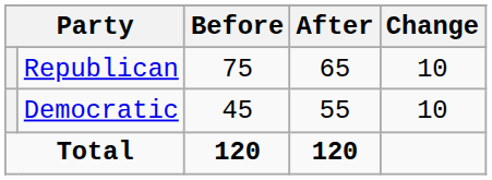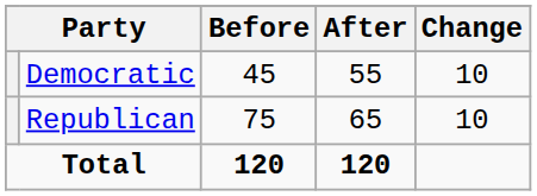 <table class="wikitable" style="text-align:center;">
 <tr>
 </tr>
 <tr>
 <th colspan=2>Party</th>
 <th>Before</th>
 <th>After</th>
 <th>Change</th>
 </tr>
 <tr>
 <th style="background-color:"></th>
-<td style="text-align:left;"><a href='#'>Republican</a></td>
-<td>75</td>
-<td>65</td>
+<td style="text-align:left;"><a href='#'>Democratic</a></td>
+<td>45</td>
+<td>55</td>
 <td> 10</td>
 </tr>
 <tr>
 <th style="background-color:"></th>
-<td style="text-align:left;"><a href='#'>Democratic</a></td>
-<td>45</td>
-<td>55</td>
+<td style="text-align:left;"><a href='#'>Republican</a></td>
+<td>75</td>
+<td>65</td>
 <td> 10</td>
 </tr>
 <tr>
 <td colspan=2><strong>Total</strong></td>
 <td><strong>120</strong></td>
 <td><strong>120</strong></td>
 <td></td>
 </tr>
 </table>
